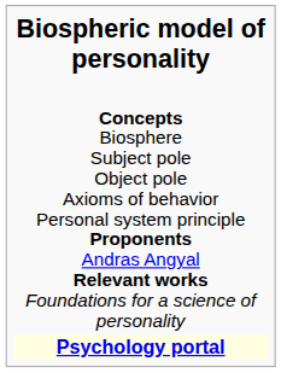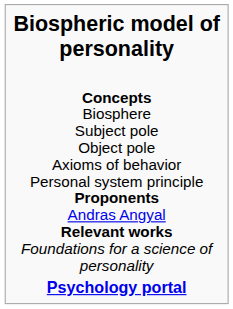 <table class="infobox" style="text-align:center; width:200px;">
 <tr>
 <td colspan="2"><big><strong>Biospheric model of personality</strong></big></td>
 </tr>
 <tr>
 </tr>
 <tr>
 <td></td>
 </tr>
 <tr>
 <td style="font-size:85%"><br><strong>Concepts</strong><br> Biosphere <br> Subject pole <br> Object pole <br> Axioms of behavior <br> Personal system principle<br><strong>Proponents</strong><br> <a href='#'>Andras Angyal</a><br><strong>Relevant works</strong><br> <em>Foundations for a science of personality</em><br></td>
 </tr>
 <tr>
-<td style="background: lightyellow; font-size:90%"><strong><a href='#'>Psychology portal</a></strong></td>
+<td style="font-size:90%"><strong><a href='#'>Psychology portal</a></strong></td>
 </tr>
 </table>
